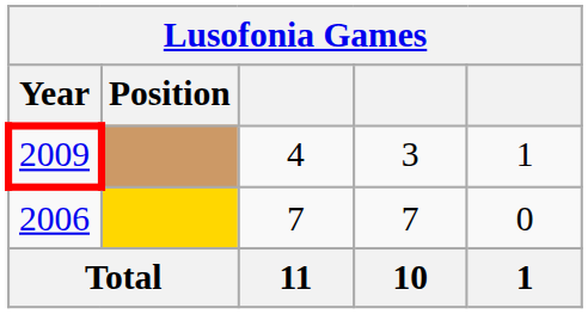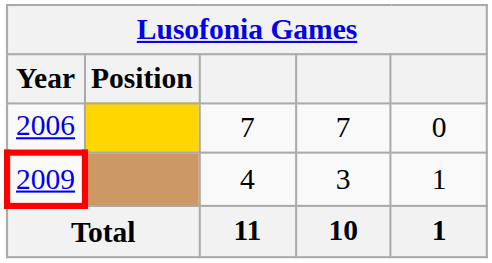 <table class="wikitable" style="text-align: center;font-size:90%;">
 <tr>
 <th colspan=5><a href='#'>Lusofonia Games</a></th>
 </tr>
 <tr>
 <th>Year</th>
 <th>Position</th>
 <th width=40></th>
 <th width=40></th>
 <th width=40></th>
 </tr>
 <tr>
+<td> <a href='#'>2006</a></td>
+<td bgcolor=gold></td>
+<td>7</td>
+<td>7</td>
+<td>0</td>
+</tr>
+<tr>
 <td style="border: 3px solid red"> <a href='#'>2009</a></td>
 <td bgcolor=#cc9966></td>
 <td>4</td>
 <td>3</td>
 <td>1</td>
-</tr>
-<tr>
-<td> <a href='#'>2006</a></td>
-<td bgcolor=gold></td>
-<td>7</td>
-<td>7</td>
-<td>0</td>
 </tr>
 <tr>
 <th colspan=2>Total</th>
 <th>11</th>
 <th>10</th>
 <th>1</th>
 </tr>
 </table>
